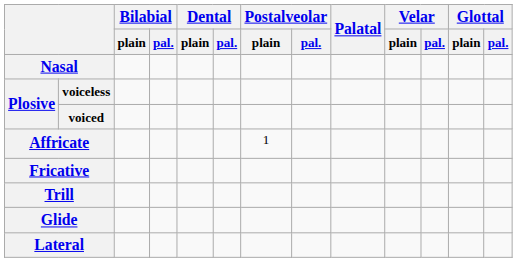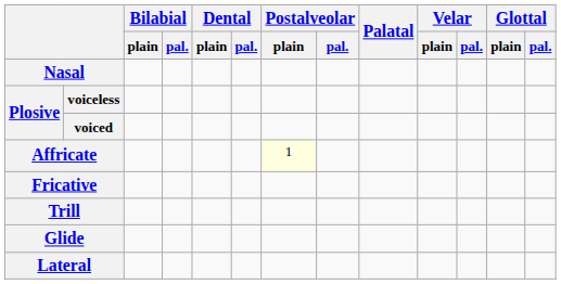 <table class="wikitable" style="text-align:center">
 <tr>
 <th colspan="2" rowspan="2"></th>
 <th colspan="2"><a href='#'>Bilabial</a></th>
 <th colspan="2"><a href='#'>Dental</a></th>
 <th colspan="2"><a href='#'>Postalveolar</a></th>
 <th rowspan="2"><a href='#'>Palatal</a></th>
 <th colspan="2"><a href='#'>Velar</a></th>
 <th colspan="2"><a href='#'>Glottal</a></th>
 </tr>
 <tr>
 <th><small>plain</small></th>
 <th><small><a href='#'>pal.</a></small></th>
 <th><small>plain</small></th>
 <th><small><a href='#'>pal.</a></small></th>
 <th><small>plain</small></th>
 <th><small><a href='#'>pal.</a></small></th>
 <th><small>plain</small></th>
 <th><small><a href='#'>pal.</a></small></th>
 <th><small>plain</small></th>
 <th><small><a href='#'>pal.</a></small></th>
 </tr>
 <tr>
 <th colspan="2"><a href='#'>Nasal</a></th>
 <td></td>
 <td></td>
 <td></td>
 <td></td>
 <td></td>
 <td></td>
 <td></td>
 <td></td>
 <td></td>
 <td></td>
 <td></td>
 </tr>
 <tr>
 <th rowspan="2"><a href='#'>Plosive</a></th>
 <th><small>voiceless</small></th>
 <td></td>
 <td></td>
 <td></td>
 <td></td>
 <td></td>
 <td></td>
 <td></td>
 <td></td>
 <td></td>
 <td></td>
 <td></td>
 </tr>
 <tr>
 <th><small>voiced</small></th>
 <td></td>
 <td></td>
 <td></td>
 <td></td>
 <td></td>
 <td></td>
 <td></td>
 <td></td>
 <td></td>
 <td></td>
 <td></td>
 </tr>
 <tr>
 <th colspan="2"><a href='#'>Affricate</a></th>
 <td></td>
 <td></td>
 <td></td>
 <td></td>
-<td><sup>1</sup></td>
+<td style="background: lightyellow;"><sup>1</sup></td>
 <td></td>
 <td></td>
 <td></td>
 <td></td>
 <td></td>
 <td></td>
 </tr>
 <tr>
 <th colspan="2"><a href='#'>Fricative</a></th>
 <td></td>
 <td></td>
 <td></td>
 <td></td>
 <td></td>
 <td></td>
 <td></td>
 <td></td>
 <td></td>
 <td></td>
 <td></td>
 </tr>
 <tr>
 <th colspan="2"><a href='#'>Trill</a></th>
 <td></td>
 <td></td>
 <td></td>
 <td></td>
 <td></td>
 <td></td>
 <td></td>
 <td></td>
 <td></td>
 <td></td>
 <td></td>
 </tr>
 <tr>
 <th colspan="2"><a href='#'>Glide</a></th>
 <td></td>
 <td></td>
 <td></td>
 <td></td>
 <td></td>
 <td></td>
 <td></td>
 <td></td>
 <td></td>
 <td></td>
 <td></td>
 </tr>
 <tr>
 <th colspan="2"><a href='#'>Lateral</a></th>
 <td></td>
 <td></td>
 <td></td>
 <td></td>
 <td></td>
 <td></td>
 <td></td>
 <td></td>
 <td></td>
 <td></td>
 <td></td>
 </tr>
 </table>
